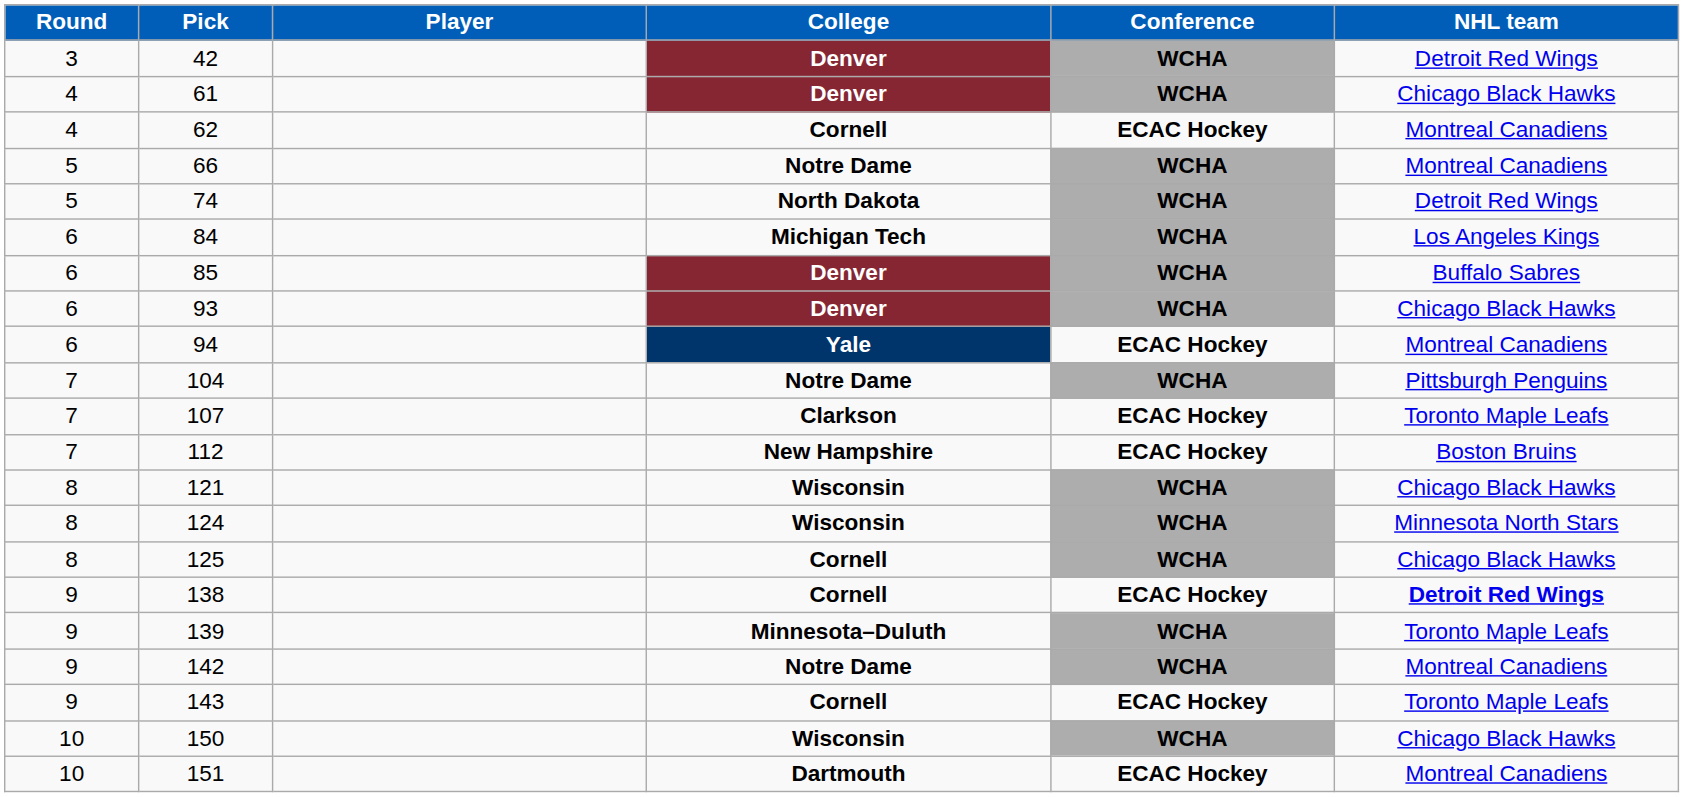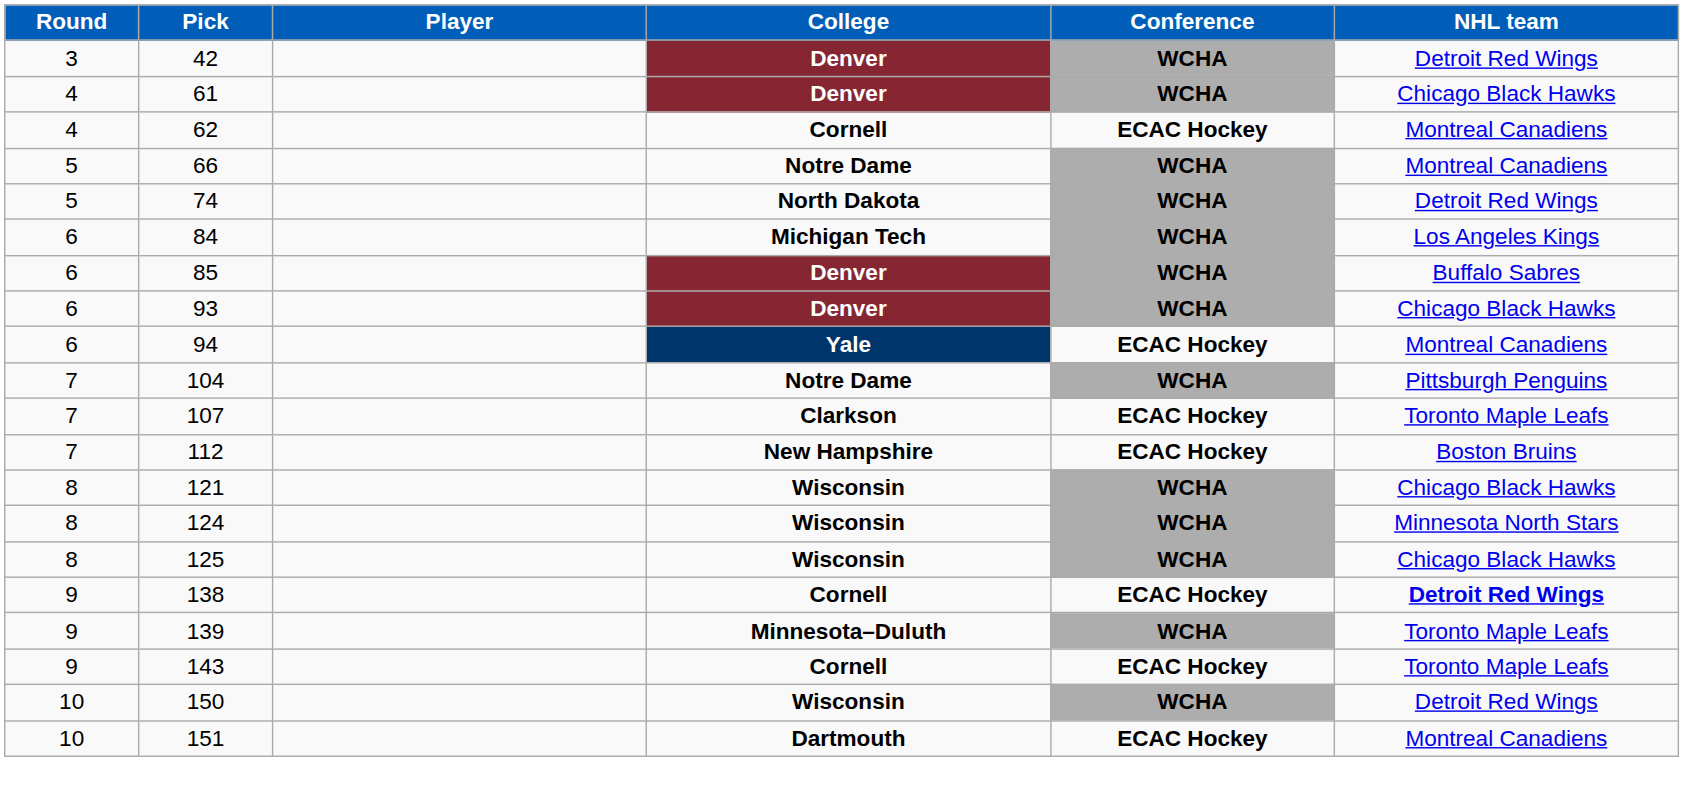 <table class="wikitable sortable" width="75%">
 <tr>
 <th style="color:white; background-color:#005EB8; width: 4em;">Round</th>
 <th style="color:white; background-color:#005EB8; width: 4em;">Pick</th>
 <th style="color:white; background-color:#005EB8; width: 12em;">Player</th>
 <th style="color:white; background-color:#005EB8; width: 13em;">College</th>
 <th style="color:white; background-color:#005EB8; width: 9em;">Conference</th>
 <th style="color:white; background-color:#005EB8; width: 11em;">NHL team</th>
 </tr>
 <tr align="center" bgcolor="">
 <td>3</td>
 <td>42</td>
 <td></td>
 <td style="color:white; background:#862633; "><strong>Denver</strong></td>
 <td style="color:black; background:#ADADAD; "><strong>WCHA</strong></td>
 <td><a href='#'>Detroit Red Wings</a></td>
 </tr>
 <tr align="center" bgcolor="">
 <td>4</td>
 <td>61</td>
 <td></td>
 <td style="color:white; background:#862633; "><strong>Denver</strong></td>
 <td style="color:black; background:#ADADAD; "><strong>WCHA</strong></td>
 <td><a href='#'>Chicago Black Hawks</a></td>
 </tr>
 <tr align="center" bgcolor="">
 <td>4</td>
 <td>62</td>
 <td></td>
 <td><strong>Cornell</strong></td>
 <td><strong>ECAC Hockey</strong></td>
 <td><a href='#'>Montreal Canadiens</a></td>
 </tr>
 <tr align="center" bgcolor="">
 <td>5</td>
 <td>66</td>
 <td></td>
 <td><strong>Notre Dame</strong></td>
 <td style="color:black; background:#ADADAD; "><strong>WCHA</strong></td>
 <td><a href='#'>Montreal Canadiens</a></td>
 </tr>
 <tr align="center" bgcolor="">
 <td>5</td>
 <td>74</td>
 <td></td>
 <td><strong>North Dakota</strong></td>
 <td style="color:black; background:#ADADAD; "><strong>WCHA</strong></td>
 <td><a href='#'>Detroit Red Wings</a></td>
 </tr>
 <tr align="center" bgcolor="">
 <td>6</td>
 <td>84</td>
 <td></td>
 <td><strong>Michigan Tech</strong></td>
 <td style="color:black; background:#ADADAD; "><strong>WCHA</strong></td>
 <td><a href='#'>Los Angeles Kings</a></td>
 </tr>
 <tr align="center" bgcolor="">
 <td>6</td>
 <td>85</td>
 <td></td>
 <td style="color:white; background:#862633; "><strong>Denver</strong></td>
 <td style="color:black; background:#ADADAD; "><strong>WCHA</strong></td>
 <td><a href='#'>Buffalo Sabres</a></td>
 </tr>
 <tr align="center" bgcolor="">
 <td>6</td>
 <td>93</td>
 <td></td>
 <td style="color:white; background:#862633; "><strong>Denver</strong></td>
 <td style="color:black; background:#ADADAD; "><strong>WCHA</strong></td>
 <td><a href='#'>Chicago Black Hawks</a></td>
 </tr>
 <tr align="center" bgcolor="">
 <td>6</td>
 <td>94</td>
 <td></td>
 <td style="color:white; background:#00356B"><strong>Yale</strong></td>
 <td><strong>ECAC Hockey</strong></td>
 <td><a href='#'>Montreal Canadiens</a></td>
 </tr>
 <tr align="center" bgcolor="">
 <td>7</td>
 <td>104</td>
 <td></td>
 <td><strong>Notre Dame</strong></td>
 <td style="color:black; background:#ADADAD; "><strong>WCHA</strong></td>
 <td><a href='#'>Pittsburgh Penguins</a></td>
 </tr>
 <tr align="center" bgcolor="">
 <td>7</td>
 <td>107</td>
 <td></td>
 <td><strong>Clarkson</strong></td>
 <td><strong>ECAC Hockey</strong></td>
 <td><a href='#'>Toronto Maple Leafs</a></td>
 </tr>
 <tr align="center" bgcolor="">
 <td>7</td>
 <td>112</td>
 <td></td>
 <td><strong>New Hampshire</strong></td>
 <td><strong>ECAC Hockey</strong></td>
 <td><a href='#'>Boston Bruins</a></td>
 </tr>
 <tr align="center" bgcolor="">
 <td>8</td>
 <td>121</td>
 <td></td>
 <td><strong>Wisconsin</strong></td>
 <td style="color:black; background:#ADADAD; "><strong>WCHA</strong></td>
 <td><a href='#'>Chicago Black Hawks</a></td>
 </tr>
 <tr align="center" bgcolor="">
 <td>8</td>
 <td>124</td>
 <td></td>
 <td><strong>Wisconsin</strong></td>
 <td style="color:black; background:#ADADAD; "><strong>WCHA</strong></td>
 <td><a href='#'>Minnesota North Stars</a></td>
 </tr>
 <tr align="center" bgcolor="">
 <td>8</td>
 <td>125</td>
 <td></td>
-<td><strong>Cornell</strong></td>
+<td><strong>Wisconsin</strong></td>
 <td style="color:black; background:#ADADAD; "><strong>WCHA</strong></td>
 <td><a href='#'>Chicago Black Hawks</a></td>
 </tr>
 <tr align="center" bgcolor="">
 <td>9</td>
 <td>138</td>
 <td></td>
 <td><strong>Cornell</strong></td>
 <td><strong>ECAC Hockey</strong></td>
 <td><strong><a href='#'>Detroit Red Wings</a></strong></td>
 </tr>
 <tr align="center" bgcolor="">
 <td>9</td>
 <td>139</td>
 <td></td>
 <td><strong>Minnesota–Duluth</strong></td>
 <td style="color:black; background:#ADADAD; "><strong>WCHA</strong></td>
 <td><a href='#'>Toronto Maple Leafs</a></td>
 </tr>
 <tr align="center" bgcolor="">
 <td>9</td>
-<td>142</td>
-<td></td>
-<td><strong>Notre Dame</strong></td>
-<td style="color:black; background:#ADADAD; "><strong>WCHA</strong></td>
-<td><a href='#'>Montreal Canadiens</a></td>
-</tr>
-<tr align="center" bgcolor="">
-<td>9</td>
 <td>143</td>
 <td></td>
 <td><strong>Cornell</strong></td>
 <td><strong>ECAC Hockey</strong></td>
 <td><a href='#'>Toronto Maple Leafs</a></td>
 </tr>
 <tr align="center" bgcolor="">
 <td>10</td>
 <td>150</td>
 <td></td>
 <td><strong>Wisconsin</strong></td>
 <td style="color:black; background:#ADADAD; "><strong>WCHA</strong></td>
-<td><a href='#'>Chicago Black Hawks</a></td>
+<td><a href='#'>Detroit Red Wings</a></td>
 </tr>
 <tr align="center" bgcolor="">
 <td>10</td>
 <td>151</td>
 <td></td>
 <td><strong>Dartmouth</strong></td>
 <td><strong>ECAC Hockey</strong></td>
 <td><a href='#'>Montreal Canadiens</a></td>
 </tr>
 </table>
